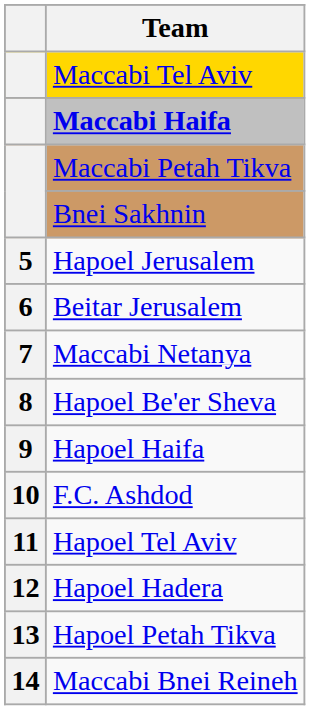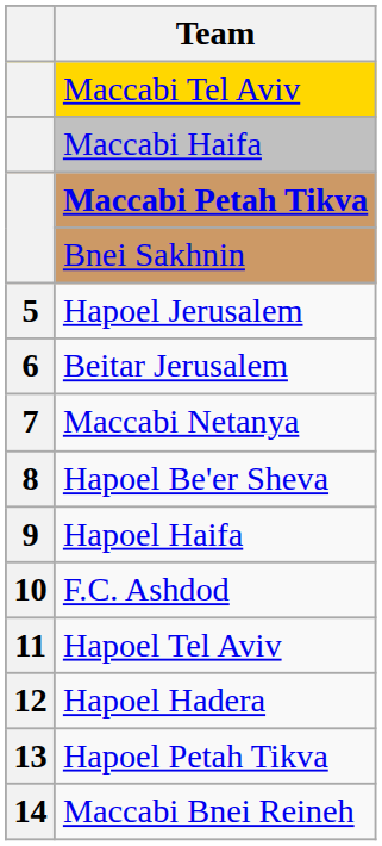 <table class="wikitable" style="font-size: 95%; text-align: left;">
 <tr>
 <th></th>
 <th>Team</th>
 </tr>
 <tr bgcolor=gold>
 <th></th>
 <td><a href='#'>Maccabi Tel Aviv</a></td>
 </tr>
 <tr bgcolor=silver>
 <th></th>
-<td><strong><a href='#'>Maccabi Haifa</a></strong></td>
+<td><a href='#'>Maccabi Haifa</a></td>
 </tr>
 <tr bgcolor=CC9966>
 <th rowspan=2></th>
-<td><a href='#'>Maccabi Petah Tikva</a></td>
+<td><strong><a href='#'>Maccabi Petah Tikva</a></strong></td>
 </tr>
 <tr bgcolor=CC9966>
 <td><a href='#'>Bnei Sakhnin</a></td>
 </tr>
 <tr>
 <th>5</th>
 <td><a href='#'>Hapoel Jerusalem</a></td>
 </tr>
 <tr>
 <th>6</th>
 <td><a href='#'>Beitar Jerusalem</a></td>
 </tr>
 <tr>
 <th>7</th>
 <td><a href='#'>Maccabi Netanya</a></td>
 </tr>
 <tr>
 <th>8</th>
 <td><a href='#'>Hapoel Be'er Sheva</a></td>
 </tr>
 <tr>
 <th>9</th>
 <td><a href='#'>Hapoel Haifa</a></td>
 </tr>
 <tr>
 <th>10</th>
 <td><a href='#'>F.C. Ashdod</a></td>
 </tr>
 <tr>
 <th>11</th>
 <td><a href='#'>Hapoel Tel Aviv</a></td>
 </tr>
 <tr>
 <th>12</th>
 <td><a href='#'>Hapoel Hadera</a></td>
 </tr>
 <tr>
 <th>13</th>
 <td><a href='#'>Hapoel Petah Tikva</a></td>
 </tr>
 <tr>
 <th>14</th>
 <td><a href='#'>Maccabi Bnei Reineh</a></td>
 </tr>
 </table>
